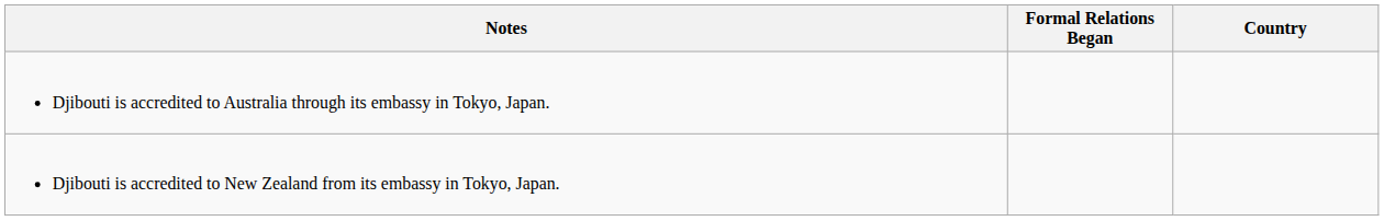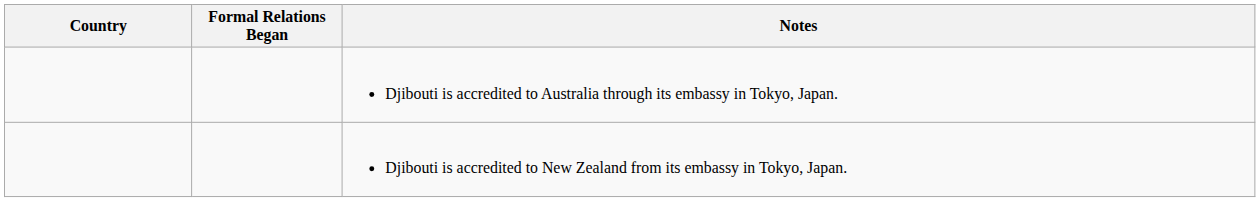 <table class="wikitable sortable" style="width:100%; margin:auto;">
 <tr>
+<th style="width:15%;">Country</th>
+<th style="width:12%;">Formal Relations Began</th>
 <th>Notes</th>
-<th style="width:12%;">Formal Relations Began</th>
-<th style="width:15%;">Country</th>
 </tr>
 <tr valign="top">
-<td><br><ul><li>Djibouti is accredited to Australia through its embassy in Tokyo, Japan.</li></ul></td>
 <td></td>
 <td></td>
+<td><br><ul><li>Djibouti is accredited to Australia through its embassy in Tokyo, Japan.</li></ul></td>
 </tr>
 <tr valign="top">
-<td><br><ul><li>Djibouti is accredited to New Zealand from its embassy in Tokyo, Japan.</li></ul></td>
 <td></td>
 <td></td>
+<td><br><ul><li>Djibouti is accredited to New Zealand from its embassy in Tokyo, Japan.</li></ul></td>
 </tr>
 </table>
